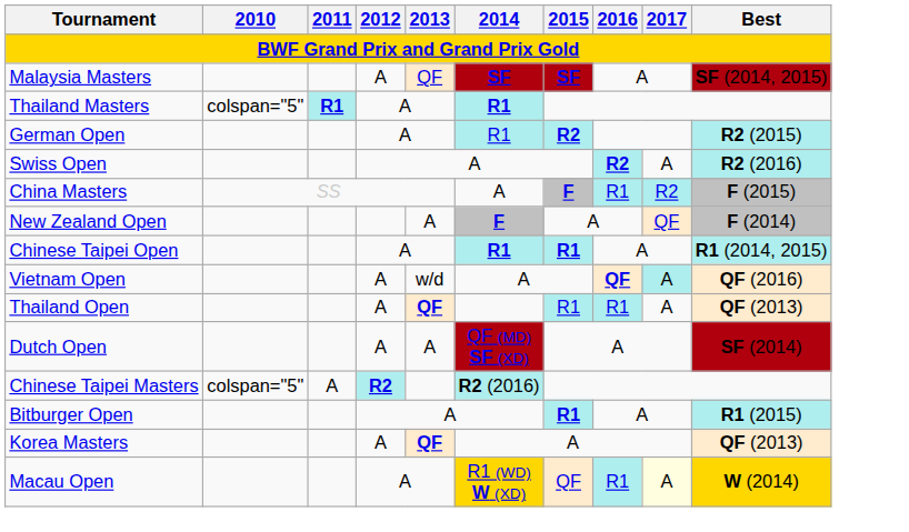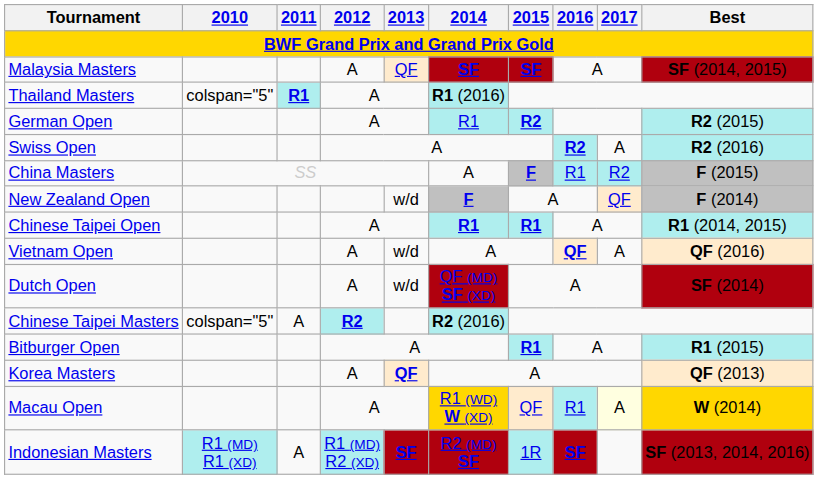 <table class="wikitable" style="font-size: 90%; text-align:center">
 <tr>
 <th>Tournament</th>
 <th><a href='#'>2010</a></th>
 <th><a href='#'>2011</a></th>
 <th><a href='#'>2012</a></th>
 <th><a href='#'>2013</a></th>
 <th><a href='#'>2014</a></th>
 <th><a href='#'>2015</a></th>
 <th><a href='#'>2016</a></th>
 <th><a href='#'>2017</a></th>
 <th>Best</th>
 </tr>
 <tr bgcolor=FFD700>
 <td colspan="10" align=center><strong><a href='#'>BWF Grand Prix and Grand Prix Gold</a></strong></td>
 </tr>
 <tr>
 <td align=left><a href='#'>Malaysia Masters</a></td>
 <td></td>
 <td></td>
 <td>A</td>
 <td bgcolor=FFEBCD><a href='#'>QF</a></td>
 <td bgcolor=bronze><a href='#'><strong>SF</strong></a></td>
 <td bgcolor=bronze><a href='#'><strong>SF</strong></a></td>
 <td colspan="2">A</td>
 <td bgcolor=bronze><strong>SF</strong> (2014, 2015)</td>
 </tr>
 <tr>
 <td align=left><a href='#'>Thailand Masters</a></td>
 <td>colspan="5" </td>
 <td bgcolor=AFEEEE><a href='#'><strong>R1</strong></a></td>
 <td colspan="2">A</td>
-<td bgcolor=AFEEEE><a href='#'><strong>R1</strong></a></td>
+<td bgcolor=AFEEEE><strong>R1</strong> (2016)</td>
 </tr>
 <tr>
 <td align=left><a href='#'>German Open</a></td>
 <td></td>
 <td></td>
 <td colspan="2">A</td>
 <td bgcolor=AFEEEE><a href='#'>R1</a></td>
 <td bgcolor=AFEEEE><a href='#'><strong>R2</strong></a></td>
 <td colspan="2"></td>
 <td bgcolor=AFEEEE><strong>R2</strong> (2015)</td>
 </tr>
 <tr>
 <td align=left><a href='#'>Swiss Open</a></td>
 <td></td>
 <td></td>
 <td colspan="4">A</td>
 <td bgcolor=AFEEEE><a href='#'><strong>R2</strong></a></td>
 <td>A</td>
 <td bgcolor=AFEEEE><strong>R2</strong> (2016)</td>
 </tr>
 <tr>
 <td align=left><a href='#'>China Masters</a></td>
 <td colspan="4" style="color:#ccc"><em>SS</em></td>
 <td>A</td>
 <td bgcolor=silver><a href='#'><strong>F</strong></a></td>
 <td bgcolor=AFEEEE><a href='#'>R1</a></td>
 <td bgcolor=AFEEEE><a href='#'>R2</a></td>
 <td bgcolor=silver><strong>F</strong> (2015)</td>
 </tr>
 <tr>
 <td align=left><a href='#'>New Zealand Open</a></td>
 <td></td>
 <td></td>
 <td></td>
-<td>A</td>
+<td>w/d</td>
 <td bgcolor=silver><a href='#'><strong>F</strong></a></td>
 <td colspan="2">A</td>
 <td bgcolor=FFEBCD><a href='#'>QF</a></td>
 <td bgcolor=silver><strong>F</strong> (2014)</td>
 </tr>
 <tr>
 <td align=left><a href='#'>Chinese Taipei Open</a></td>
 <td></td>
 <td></td>
 <td colspan="2">A</td>
 <td bgcolor=AFEEEE><a href='#'><strong>R1</strong></a></td>
 <td bgcolor=AFEEEE><a href='#'><strong>R1</strong></a></td>
 <td colspan="2">A</td>
 <td bgcolor=AFEEEE><strong>R1</strong> (2014, 2015)</td>
 </tr>
 <tr>
 <td align=left><a href='#'>Vietnam Open</a></td>
 <td></td>
 <td></td>
 <td>A</td>
 <td>w/d</td>
 <td colspan="2">A</td>
 <td bgcolor=FFEBCD><a href='#'><strong>QF</strong></a></td>
-<td style="background: paleturquoise;">A</td>
+<td>A</td>
 <td bgcolor=FFEBCD><strong>QF</strong> (2016)</td>
-</tr>
-<tr>
-<td align=left><a href='#'>Thailand Open</a></td>
-<td></td>
-<td></td>
-<td>A</td>
-<td bgcolor=FFEBCD><a href='#'><strong>QF</strong></a></td>
-<td></td>
-<td bgcolor=AFEEEE><a href='#'>R1</a></td>
-<td bgcolor=AFEEEE><a href='#'>R1</a></td>
-<td>A</td>
-<td bgcolor=FFEBCD><strong>QF</strong> (2013)</td>
 </tr>
 <tr>
 <td align=left><a href='#'>Dutch Open</a></td>
 <td></td>
 <td></td>
 <td>A</td>
-<td>A</td>
+<td>w/d</td>
 <td bgcolor=bronze><a href='#'>QF <small>(MD)</small></a><br> <a href='#'><strong>SF</strong> <small>(XD)</small></a></td>
 <td colspan="3">A</td>
 <td bgcolor=bronze><strong>SF</strong> (2014)</td>
 </tr>
 <tr>
 <td align=left><a href='#'>Chinese Taipei Masters</a></td>
 <td>colspan="5" </td>
 <td>A</td>
 <td bgcolor=AFEEEE><a href='#'><strong>R2</strong></a></td>
 <td></td>
 <td bgcolor=AFEEEE><strong>R2</strong> (2016)</td>
 </tr>
 <tr>
 <td align=left><a href='#'>Bitburger Open</a></td>
 <td></td>
 <td></td>
 <td colspan="3">A</td>
 <td bgcolor=AFEEEE><a href='#'><strong>R1</strong></a></td>
 <td colspan="2">A</td>
 <td bgcolor=AFEEEE><strong>R1</strong> (2015)</td>
 </tr>
 <tr>
 <td align=left><a href='#'>Korea Masters</a></td>
 <td></td>
 <td></td>
 <td>A</td>
 <td bgcolor=FFEBCD><a href='#'><strong>QF</strong></a></td>
 <td colspan="4">A</td>
 <td bgcolor=FFEBCD><strong>QF</strong> (2013)</td>
 </tr>
 <tr>
 <td align=left><a href='#'>Macau Open</a></td>
 <td></td>
 <td></td>
 <td colspan="2">A</td>
 <td bgcolor=gold><a href='#'>R1 <small>(WD)</small></a> <br> <a href='#'><strong>W</strong> <small>(XD)</small></a></td>
 <td bgcolor=FFEBCD><a href='#'>QF</a></td>
 <td bgcolor=AFEEEE><a href='#'>R1</a></td>
 <td style="background: lightyellow;">A</td>
 <td bgcolor=gold><strong>W</strong> (2014)</td>
 </tr>
+<tr>
+<td align=left><a href='#'>Indonesian Masters</a></td>
+<td bgcolor=AFEEEE><a href='#'>R1 <small>(MD)</small></a><br> <a href='#'>R1 <small>(XD)</small></a></td>
+<td>A</td>
+<td bgcolor=AFEEEE><a href='#'>R1 <small>(MD)</small></a><br> <a href='#'>R2 <small>(XD)</small></a></td>
+<td bgcolor=bronze><a href='#'><strong>SF</strong></a></td>
+<td bgcolor=bronze><a href='#'>R2 <small>(MD)</small></a><br> <a href='#'><strong>SF</strong></a></td>
+<td bgcolor=AFEEEE><a href='#'>1R</a></td>
+<td bgcolor=bronze><a href='#'><strong>SF</strong></a></td>
+<td></td>
+<td bgcolor=bronze><strong>SF</strong> (2013, 2014, 2016)</td>
+</tr>
 </table>
